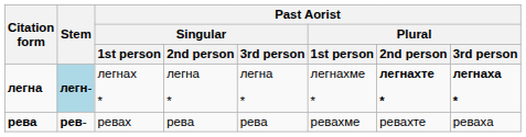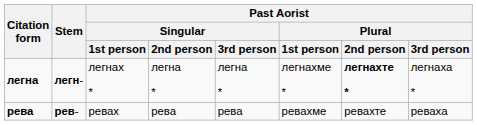 <table class="wikitable">
 <tr>
 <th rowspan="3">Citation<br>form</th>
 <th rowspan="3">Stem</th>
 <th colspan="6">Past Aorist</th>
 </tr>
 <tr>
 <th colspan="3">Singular</th>
 <th colspan="3">Plural</th>
 </tr>
 <tr>
 <th><strong>1st person</strong></th>
 <th><strong>2nd person</strong></th>
 <th><strong>3rd person</strong></th>
 <th><strong>1st person</strong></th>
 <th><strong>2nd person</strong></th>
 <th><strong>3rd person</strong></th>
 </tr>
 <tr>
 <td><strong>легна</strong> <br></td>
-<td style="background: lightblue;"><strong>легн</strong>- <br></td>
+<td><strong>легн</strong>- <br></td>
 <td>легн<span>а</span><span>х</span> <br> <br>*</td>
 <td>легн<span>а</span> <br> <br>*</td>
 <td>легн<span>а</span> <br> <br>*</td>
 <td>легн<span>а</span><span>хме</span> <br> <br>*</td>
 <td><strong>легн<span>а</span><span>хте</span> <br> <br>*</strong></td>
-<td><strong>легн<span>а</span><span>ха</span> <br> <br>*</strong></td>
+<td>легн<span>а</span><span>ха</span> <br> <br>*</td>
 </tr>
 <tr>
 <td><strong>рева</strong> <br></td>
 <td><strong>рев</strong>- <br></td>
 <td>рев<span>а</span><span>х</span> <br></td>
 <td>рев<span>а</span> <br></td>
 <td>рев<span>а</span> <br></td>
 <td>рев<span>а</span><span>хме</span> <br></td>
 <td>рев<span>а</span><span>хте</span> <br></td>
 <td>рев<span>а</span><span>ха</span> <br></td>
 </tr>
 </table>
